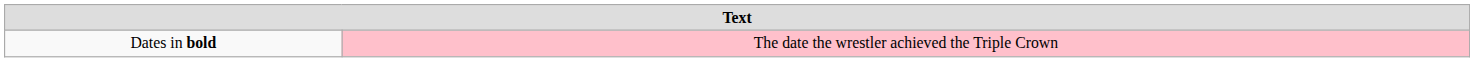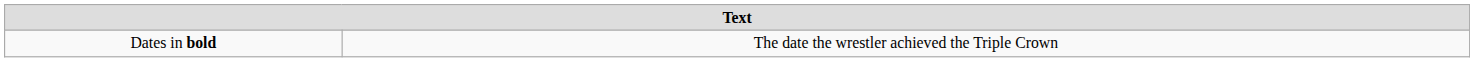 <table class="wikitable"  style="width:100%; font-size:85%; text-align:center;">
 <tr>
 <th style="background:#ddd;" colspan="2">Text</th>
 </tr>
 <tr>
 <td>Dates in <strong>bold</strong></td>
-<td style="background: pink;">The date the wrestler achieved the Triple Crown</td>
+<td>The date the wrestler achieved the Triple Crown</td>
 </tr>
 </table>
